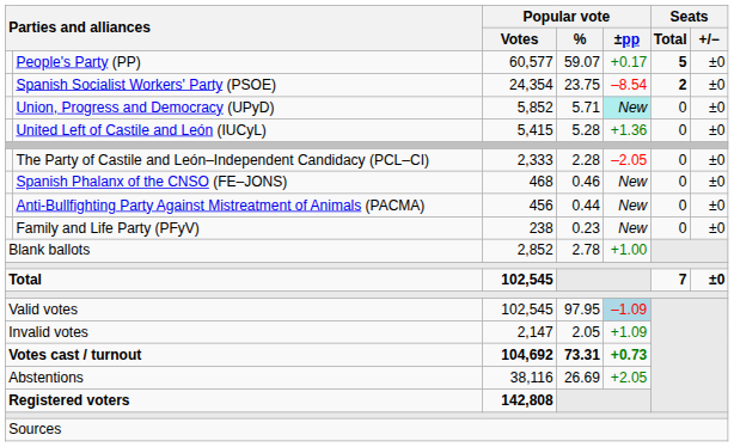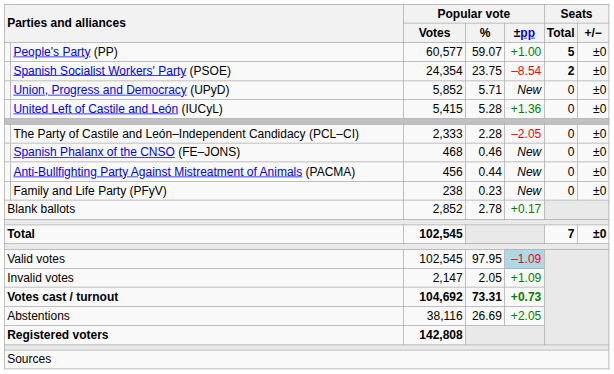 <table class="wikitable" style="text-align:right;">
 <tr>
 <th style="text-align:left;" rowspan="2" colspan="2" width="525">Parties and alliances</th>
 <th colspan="3">Popular vote</th>
 <th colspan="2">Seats</th>
 </tr>
 <tr>
 <th width="75">Votes</th>
 <th width="45">%</th>
 <th width="45">±<a href='#'>pp</a></th>
 <th width="35">Total</th>
 <th width="35">+/−</th>
 </tr>
 <tr>
 <td width="1" style="color:inherit;background:"></td>
 <td align="left"><a href='#'>People's Party</a> (PP)</td>
 <td>60,577</td>
 <td>59.07</td>
-<td style="color:green;">+0.17</td>
+<td style="color:green;">+1.00</td>
 <td><strong>5</strong></td>
 <td>±0</td>
 </tr>
 <tr>
 <td style="color:inherit;background:"></td>
 <td align="left"><a href='#'>Spanish Socialist Workers' Party</a> (PSOE)</td>
 <td>24,354</td>
 <td>23.75</td>
 <td style="color:red;">–8.54</td>
 <td><strong>2</strong></td>
 <td>±0</td>
 </tr>
 <tr>
 <td style="color:inherit;background:"></td>
 <td align="left"><a href='#'>Union, Progress and Democracy</a> (UPyD)</td>
 <td>5,852</td>
 <td>5.71</td>
-<td style="background: paleturquoise;"><em>New</em></td>
+<td><em>New</em></td>
 <td>0</td>
 <td>±0</td>
 </tr>
 <tr>
 <td style="color:inherit;background:"></td>
 <td align="left"><a href='#'>United Left of Castile and León</a> (IUCyL)</td>
 <td>5,415</td>
 <td>5.28</td>
 <td style="color:green;">+1.36</td>
 <td>0</td>
 <td>±0</td>
 </tr>
 <tr>
 <td colspan="7" bgcolor="#C0C0C0"></td>
 </tr>
 <tr>
 <td style="color:inherit;background:"></td>
 <td align="left">The Party of Castile and León–Independent Candidacy (PCL–CI)</td>
 <td>2,333</td>
 <td>2.28</td>
 <td style="color:red;">–2.05</td>
 <td>0</td>
 <td>±0</td>
 </tr>
 <tr>
 <td style="color:inherit;background:"></td>
 <td align="left"><a href='#'>Spanish Phalanx of the CNSO</a> (FE–JONS)</td>
 <td>468</td>
 <td>0.46</td>
 <td><em>New</em></td>
 <td>0</td>
 <td>±0</td>
 </tr>
 <tr>
 <td style="color:inherit;background:"></td>
 <td align="left"><a href='#'>Anti-Bullfighting Party Against Mistreatment of Animals</a> (PACMA)</td>
 <td>456</td>
 <td>0.44</td>
 <td><em>New</em></td>
 <td>0</td>
 <td>±0</td>
 </tr>
 <tr>
 <td style="color:inherit;background:"></td>
 <td align="left">Family and Life Party (PFyV)</td>
 <td>238</td>
 <td>0.23</td>
 <td><em>New</em></td>
 <td>0</td>
 <td>±0</td>
 </tr>
 <tr>
 <td align="left" colspan="2">Blank ballots</td>
 <td>2,852</td>
 <td>2.78</td>
-<td style="color:green;">+1.00</td>
+<td style="color:green;">+0.17</td>
 <td bgcolor="#E9E9E9" colspan="2"></td>
 </tr>
 <tr>
 <td colspan="7" bgcolor="#E9E9E9"></td>
 </tr>
 <tr style="font-weight:bold;">
 <td align="left" colspan="2">Total</td>
 <td>102,545</td>
 <td bgcolor="#E9E9E9" colspan="2"></td>
 <td>7</td>
 <td>±0</td>
 </tr>
 <tr>
 <td colspan="7" bgcolor="#E9E9E9"></td>
 </tr>
 <tr>
 <td align="left" colspan="2">Valid votes</td>
 <td>102,545</td>
 <td>97.95</td>
 <td style="background: lightblue; color:red;">–1.09</td>
 <td bgcolor="#E9E9E9" colspan="2" rowspan="5"></td>
 </tr>
 <tr>
 <td align="left" colspan="2">Invalid votes</td>
 <td>2,147</td>
 <td>2.05</td>
 <td style="color:green;">+1.09</td>
 </tr>
 <tr style="font-weight:bold;">
 <td align="left" colspan="2">Votes cast / turnout</td>
 <td>104,692</td>
 <td>73.31</td>
 <td style="color:green;">+0.73</td>
 </tr>
 <tr>
 <td align="left" colspan="2">Abstentions</td>
 <td>38,116</td>
 <td>26.69</td>
 <td style="color:green;">+2.05</td>
 </tr>
 <tr style="font-weight:bold;">
 <td align="left" colspan="2">Registered voters</td>
 <td>142,808</td>
 <td bgcolor="#E9E9E9" colspan="2"></td>
 </tr>
 <tr>
 <td colspan="7" bgcolor="#E9E9E9"></td>
 </tr>
 <tr>
 <td align="left" colspan="7">Sources</td>
 </tr>
 </table>
